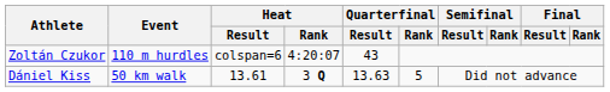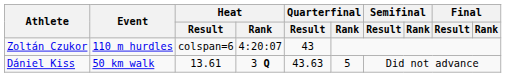 <table class=wikitable style="font-size:90%">
 <tr>
 <th rowspan="2">Athlete</th>
 <th rowspan="2">Event</th>
 <th colspan="2">Heat</th>
 <th colspan="2">Quarterfinal</th>
 <th colspan="2">Semifinal</th>
 <th colspan="2">Final</th>
 </tr>
 <tr style="font-size:95%">
 <th>Result</th>
 <th>Rank</th>
 <th>Result</th>
 <th>Rank</th>
 <th>Result</th>
 <th>Rank</th>
 <th>Result</th>
 <th>Rank</th>
 </tr>
 <tr align=center>
 <td align=left><a href='#'>Zoltán Czukor</a></td>
 <td align=left><a href='#'>110 m hurdles</a></td>
 <td>colspan=6 </td>
 <td>4:20:07</td>
 <td>43</td>
 </tr>
 <tr align=center>
 <td align=left><a href='#'>Dániel Kiss</a></td>
 <td align=left><a href='#'>50 km walk</a></td>
 <td>13.61</td>
 <td>3 <strong>Q</strong></td>
-<td>13.63</td>
+<td>43.63</td>
 <td>5</td>
 <td colspan=4>Did not advance</td>
 </tr>
 </table>
